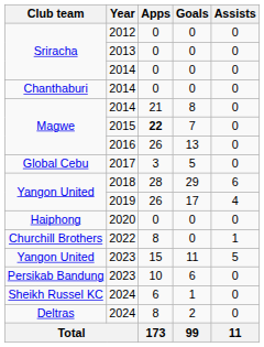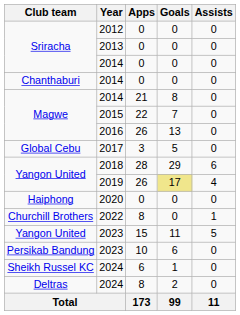 <table class="wikitable" style="text-align: center;">
 <tr>
 <th>Club team</th>
 <th>Year</th>
 <th>Apps</th>
 <th>Goals</th>
 <th>Assists</th>
 </tr>
 <tr>
 <td rowspan="3"><a href='#'>Sriracha</a></td>
 <td>2012</td>
 <td>0</td>
 <td>0</td>
 <td>0</td>
 </tr>
 <tr>
 <td>2013</td>
 <td>0</td>
 <td>0</td>
 <td>0</td>
 </tr>
 <tr>
 <td>2014</td>
 <td>0</td>
 <td>0</td>
 <td>0</td>
 </tr>
 <tr>
 <td rowspan="1"><a href='#'>Chanthaburi</a></td>
 <td>2014</td>
 <td>0</td>
 <td>0</td>
 <td>0</td>
 </tr>
 <tr>
 <td rowspan="3"><a href='#'>Magwe</a></td>
 <td>2014</td>
 <td>21</td>
 <td>8</td>
 <td>0</td>
 </tr>
 <tr>
 <td>2015</td>
-<td><strong>22</strong></td>
+<td>22</td>
 <td>7</td>
 <td>0</td>
 </tr>
 <tr>
 <td>2016</td>
 <td>26</td>
 <td>13</td>
 <td>0</td>
 </tr>
 <tr>
 <td rowspan="1"><a href='#'>Global Cebu</a></td>
 <td>2017</td>
 <td>3</td>
 <td>5</td>
 <td>0</td>
 </tr>
 <tr>
 <td rowspan="2"><a href='#'>Yangon United</a></td>
 <td>2018</td>
 <td>28</td>
 <td>29</td>
 <td>6</td>
 </tr>
 <tr>
 <td>2019</td>
 <td>26</td>
-<td>17</td>
+<td style="background: khaki;">17</td>
 <td>4</td>
 </tr>
 <tr>
 <td rowspan="1"><a href='#'>Haiphong</a></td>
 <td>2020</td>
 <td>0</td>
 <td>0</td>
 <td>0</td>
 </tr>
 <tr>
 <td rowspan="1"><a href='#'>Churchill Brothers</a></td>
 <td>2022</td>
 <td>8</td>
 <td>0</td>
 <td>1</td>
 </tr>
 <tr>
 <td rowspan="1"><a href='#'>Yangon United</a></td>
 <td>2023</td>
 <td>15</td>
 <td>11</td>
 <td>5</td>
 </tr>
 <tr>
 <td rowspan="1"><a href='#'>Persikab Bandung</a></td>
 <td>2023</td>
 <td>10</td>
 <td>6</td>
 <td>0</td>
 </tr>
 <tr>
 <td rowspan="1"><a href='#'>Sheikh Russel KC</a></td>
 <td>2024</td>
 <td>6</td>
 <td>1</td>
 <td>0</td>
 </tr>
 <tr>
 <td rowspan="1"><a href='#'>Deltras</a></td>
 <td>2024</td>
 <td>8</td>
 <td>2</td>
 <td>0</td>
 </tr>
 <tr>
 <th colspan="2">Total</th>
 <th>173</th>
 <th>99</th>
 <th>11</th>
 </tr>
 </table>
